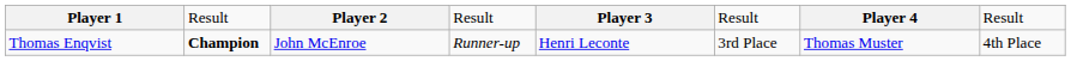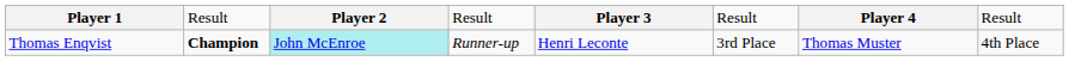 <table class="wikitable">
 <tr>
 <th width=175>Player 1</th>
 <td width=80>Result</td>
 <th width=175>Player 2</th>
 <td width=80>Result</td>
 <th width=175>Player 3</th>
 <td width=80>Result</td>
 <th width=175>Player 4</th>
 <td width=80>Result</td>
 </tr>
 <tr>
 <td> <a href='#'>Thomas Enqvist</a></td>
 <td><strong>Champion</strong></td>
-<td> <a href='#'>John McEnroe</a></td>
+<td style="background: paleturquoise;"> <a href='#'>John McEnroe</a></td>
 <td><em>Runner-up</em></td>
 <td> <a href='#'>Henri Leconte</a></td>
 <td>3rd Place</td>
 <td> <a href='#'>Thomas Muster</a></td>
 <td>4th Place</td>
 </tr>
 </table>
